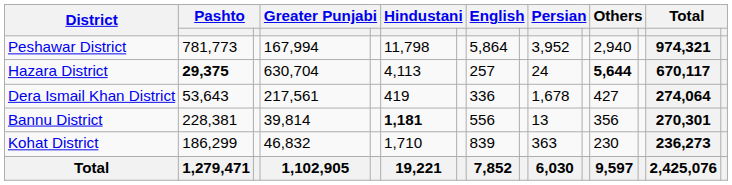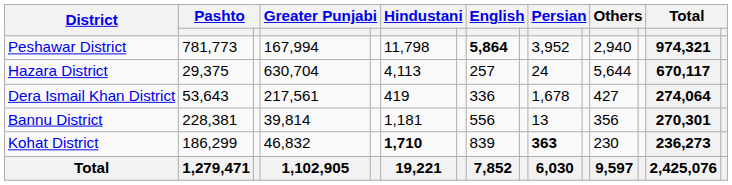 <table class="wikitable sortable">
 <tr>
 <th rowspan="2"><a href='#'>District</a></th>
 <th colspan="2"><a href='#'>Pashto</a></th>
 <th colspan="2"><a href='#'>Greater Punjabi</a></th>
 <th colspan="2"><a href='#'>Hindustani</a></th>
 <th colspan="2"><a href='#'>English</a></th>
 <th colspan="2"><a href='#'>Persian</a></th>
 <th colspan="2">Others</th>
 <th colspan="2">Total</th>
 </tr>
 <tr>
 <th><a href='#'></a></th>
 <th></th>
 <th></th>
 <th></th>
 <th></th>
 <th></th>
 <th></th>
 <th></th>
 <th></th>
 <th></th>
 <th></th>
 <th></th>
 <th></th>
 <th></th>
 </tr>
 <tr>
 <td><a href='#'>Peshawar District</a></td>
 <td>781,773</td>
 <td></td>
 <td>167,994</td>
 <td></td>
 <td>11,798</td>
 <td></td>
-<td>5,864</td>
+<td><strong>5,864</strong></td>
 <td></td>
 <td>3,952</td>
 <td></td>
 <td>2,940</td>
 <td></td>
 <th>974,321</th>
 <th></th>
 </tr>
 <tr>
 <td><a href='#'>Hazara District</a></td>
-<td><strong>29,375</strong></td>
+<td>29,375</td>
 <td></td>
 <td>630,704</td>
 <td></td>
 <td>4,113</td>
 <td></td>
 <td>257</td>
 <td></td>
 <td>24</td>
 <td></td>
-<td><strong>5,644</strong></td>
+<td>5,644</td>
 <td></td>
 <th>670,117</th>
 <th></th>
 </tr>
 <tr>
 <td><a href='#'>Dera Ismail Khan District</a></td>
 <td>53,643</td>
 <td></td>
 <td>217,561</td>
 <td></td>
 <td>419</td>
 <td></td>
 <td>336</td>
 <td></td>
 <td>1,678</td>
 <td></td>
 <td>427</td>
 <td></td>
 <th>274,064</th>
 <th></th>
 </tr>
 <tr>
 <td><a href='#'>Bannu District</a></td>
 <td>228,381</td>
 <td></td>
 <td>39,814</td>
 <td></td>
-<td><strong>1,181</strong></td>
+<td>1,181</td>
 <td></td>
 <td>556</td>
 <td></td>
 <td>13</td>
 <td></td>
 <td>356</td>
 <td></td>
 <th>270,301</th>
 <th></th>
 </tr>
 <tr>
 <td><a href='#'>Kohat District</a></td>
 <td>186,299</td>
 <td></td>
 <td>46,832</td>
 <td></td>
-<td>1,710</td>
+<td><strong>1,710</strong></td>
 <td></td>
 <td>839</td>
 <td></td>
-<td>363</td>
+<td><strong>363</strong></td>
 <td></td>
 <td>230</td>
 <td></td>
 <th>236,273</th>
 <th></th>
 </tr>
 <tr>
 <th>Total</th>
 <th>1,279,471</th>
 <th></th>
 <th>1,102,905</th>
 <th></th>
 <th>19,221</th>
 <th></th>
 <th>7,852</th>
 <th></th>
 <th>6,030</th>
 <th></th>
 <th>9,597</th>
 <th></th>
 <th>2,425,076</th>
 <th></th>
 </tr>
 </table>
